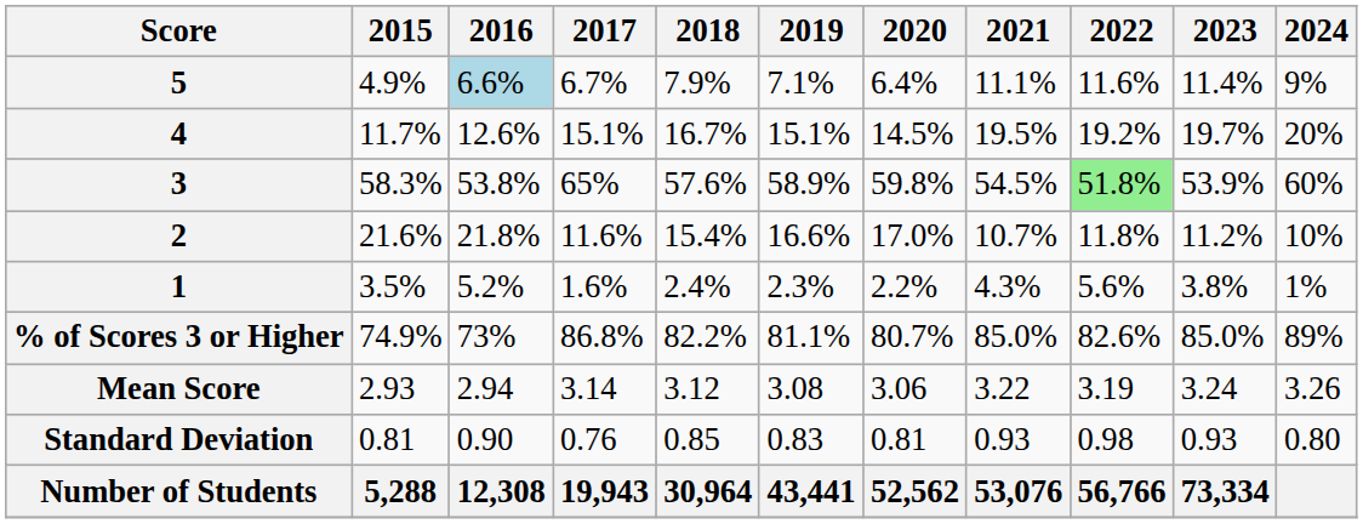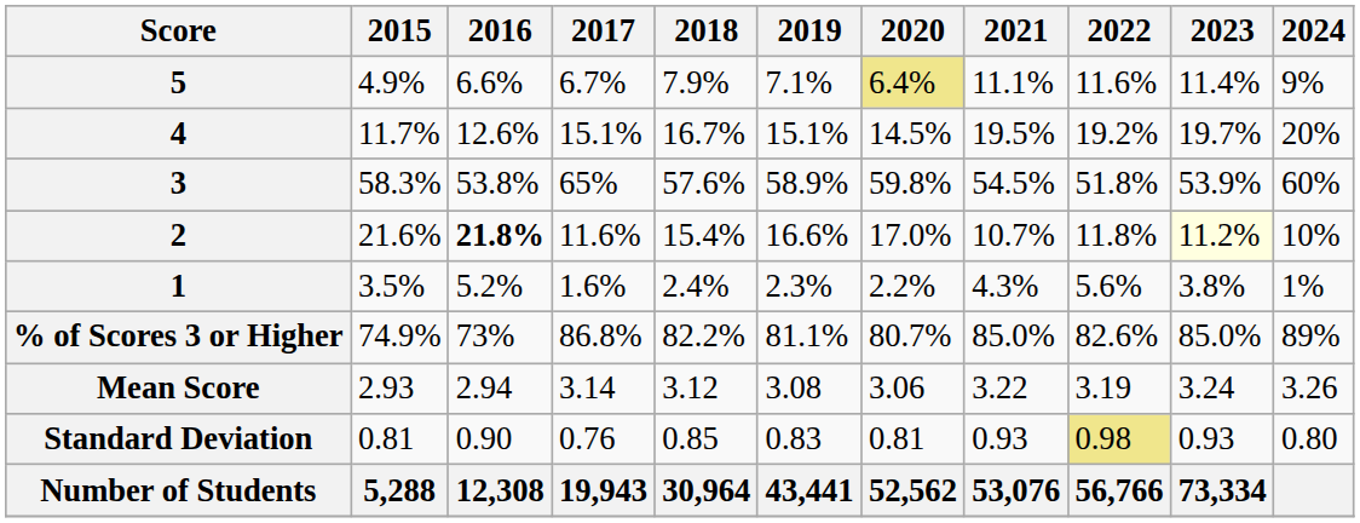 <table class="wikitable">
 <tr>
 <th>Score</th>
 <th>2015</th>
 <th>2016</th>
 <th>2017</th>
 <th>2018</th>
 <th>2019</th>
 <th>2020</th>
 <th>2021</th>
 <th>2022</th>
 <th>2023</th>
 <th>2024</th>
 </tr>
 <tr>
 <th>5</th>
 <td>4.9%</td>
-<td style="background: lightblue;">6.6%</td>
+<td>6.6%</td>
 <td>6.7%</td>
 <td>7.9%</td>
 <td>7.1%</td>
-<td>6.4%</td>
+<td style="background: khaki;">6.4%</td>
 <td>11.1%</td>
 <td>11.6%</td>
 <td>11.4%</td>
 <td>9%</td>
 </tr>
 <tr>
 <th>4</th>
 <td>11.7%</td>
 <td>12.6%</td>
 <td>15.1%</td>
 <td>16.7%</td>
 <td>15.1%</td>
 <td>14.5%</td>
 <td>19.5%</td>
 <td>19.2%</td>
 <td>19.7%</td>
 <td>20%</td>
 </tr>
 <tr>
 <th>3</th>
 <td>58.3%</td>
 <td>53.8%</td>
 <td>65%</td>
 <td>57.6%</td>
 <td>58.9%</td>
 <td>59.8%</td>
 <td>54.5%</td>
-<td style="background: lightgreen;">51.8%</td>
+<td>51.8%</td>
 <td>53.9%</td>
 <td>60%</td>
 </tr>
 <tr>
 <th>2</th>
 <td>21.6%</td>
-<td>21.8%</td>
+<td><strong>21.8%</strong></td>
 <td>11.6%</td>
 <td>15.4%</td>
 <td>16.6%</td>
 <td>17.0%</td>
 <td>10.7%</td>
 <td>11.8%</td>
-<td>11.2%</td>
+<td style="background: lightyellow;">11.2%</td>
 <td>10%</td>
 </tr>
 <tr>
 <th>1</th>
 <td>3.5%</td>
 <td>5.2%</td>
 <td>1.6%</td>
 <td>2.4%</td>
 <td>2.3%</td>
 <td>2.2%</td>
 <td>4.3%</td>
 <td>5.6%</td>
 <td>3.8%</td>
 <td>1%</td>
 </tr>
 <tr>
 <th>% of Scores 3 or Higher</th>
 <td>74.9%</td>
 <td>73%</td>
 <td>86.8%</td>
 <td>82.2%</td>
 <td>81.1%</td>
 <td>80.7%</td>
 <td>85.0%</td>
 <td>82.6%</td>
 <td>85.0%</td>
 <td>89%</td>
 </tr>
 <tr>
 <th>Mean Score</th>
 <td>2.93</td>
 <td>2.94</td>
 <td>3.14</td>
 <td>3.12</td>
 <td>3.08</td>
 <td>3.06</td>
 <td>3.22</td>
 <td>3.19</td>
 <td>3.24</td>
 <td>3.26</td>
 </tr>
 <tr>
 <th>Standard Deviation</th>
 <td>0.81</td>
 <td>0.90</td>
 <td>0.76</td>
 <td>0.85</td>
 <td>0.83</td>
 <td>0.81</td>
 <td>0.93</td>
-<td>0.98</td>
+<td style="background: khaki;">0.98</td>
 <td>0.93</td>
 <td>0.80</td>
 </tr>
 <tr>
 <th>Number of Students</th>
 <th>5,288</th>
 <th>12,308</th>
 <th>19,943</th>
 <th>30,964</th>
 <th>43,441</th>
 <th>52,562</th>
 <th>53,076</th>
 <th>56,766</th>
 <th>73,334</th>
 <th></th>
 </tr>
 <tr>
 </tr>
 </table>
